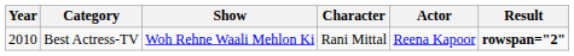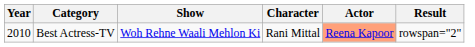 <table class="wikitable sortable">
 <tr>
 <th>Year</th>
 <th>Category</th>
 <th>Show</th>
 <th>Character</th>
 <th>Actor</th>
 <th>Result</th>
 </tr>
 <tr>
 <td rowspan="2">2010</td>
 <td>Best Actress-TV</td>
 <td rowspan=2><a href='#'>Woh Rehne Waali Mehlon Ki</a></td>
 <td rowspan=2>Rani Mittal</td>
-<td rowspan2><a href='#'>Reena Kapoor</a></td>
-<td><strong>rowspan="2" </strong></td>
+<td rowspan2 style="background: lightsalmon;"><a href='#'>Reena Kapoor</a></td>
+<td>rowspan="2" </td>
 </tr>
 </table>
